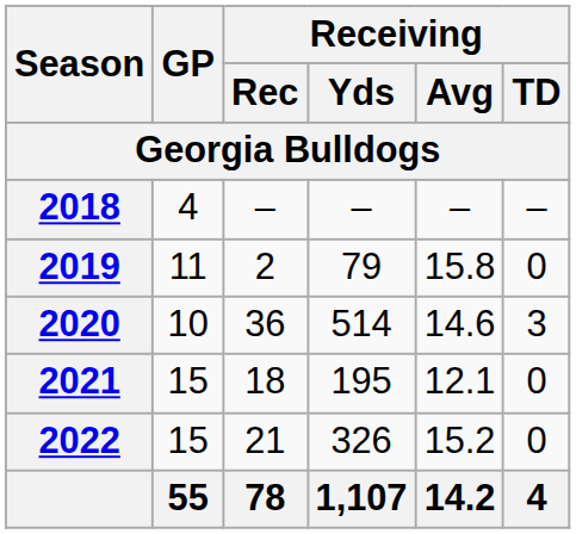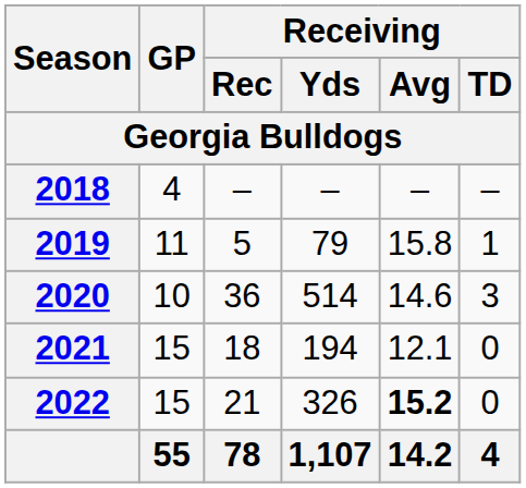 <table class="wikitable" style="text-align:center;">
 <tr>
 <th rowspan="2">Season</th>
 <th rowspan="2">GP</th>
 <th colspan="4">Receiving</th>
 </tr>
 <tr>
 <th>Rec</th>
 <th>Yds</th>
 <th>Avg</th>
 <th>TD</th>
 </tr>
 <tr>
 <th colspan="11">Georgia Bulldogs</th>
 </tr>
 <tr>
 <th><a href='#'>2018</a></th>
 <td>4</td>
 <td>–</td>
 <td>–</td>
 <td>–</td>
 <td>–</td>
 </tr>
 <tr>
 <th><a href='#'>2019</a></th>
 <td>11</td>
-<td>2</td>
+<td>5</td>
 <td>79</td>
 <td>15.8</td>
-<td>0</td>
+<td>1</td>
 </tr>
 <tr>
 <th><a href='#'>2020</a></th>
 <td>10</td>
 <td>36</td>
 <td>514</td>
 <td>14.6</td>
 <td>3</td>
 </tr>
 <tr>
 <th><a href='#'>2021</a></th>
 <td>15</td>
 <td>18</td>
-<td>195</td>
+<td>194</td>
 <td>12.1</td>
 <td>0</td>
 </tr>
 <tr>
 <th><a href='#'>2022</a></th>
 <td>15</td>
 <td>21</td>
 <td>326</td>
-<td>15.2</td>
+<td><strong>15.2</strong></td>
 <td>0</td>
 </tr>
 <tr>
 <th></th>
 <th>55</th>
 <th>78</th>
 <th>1,107</th>
 <th>14.2</th>
 <th>4</th>
 </tr>
 </table>
